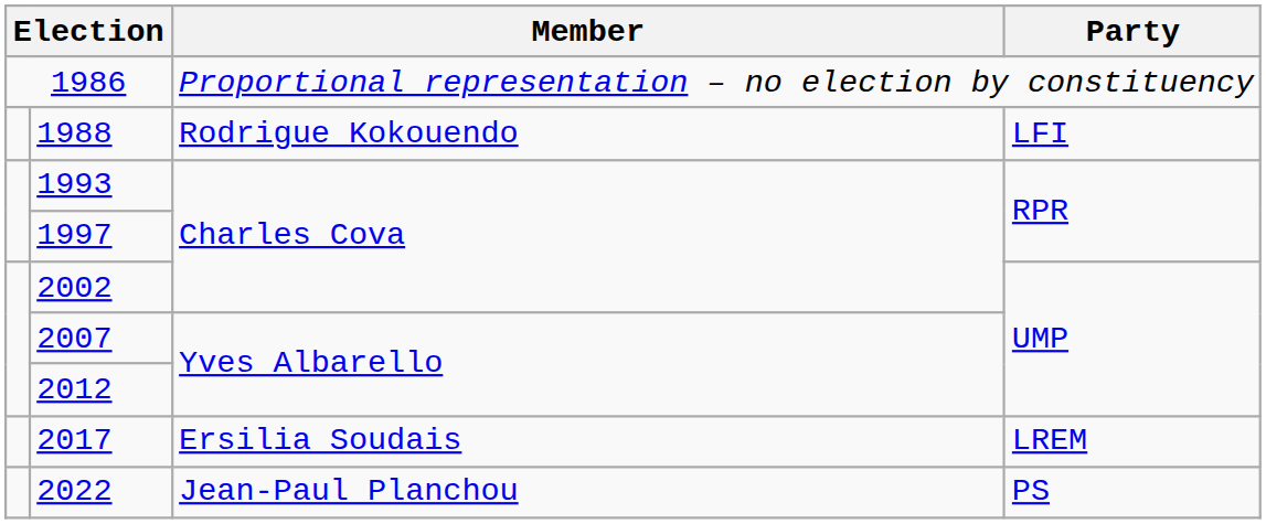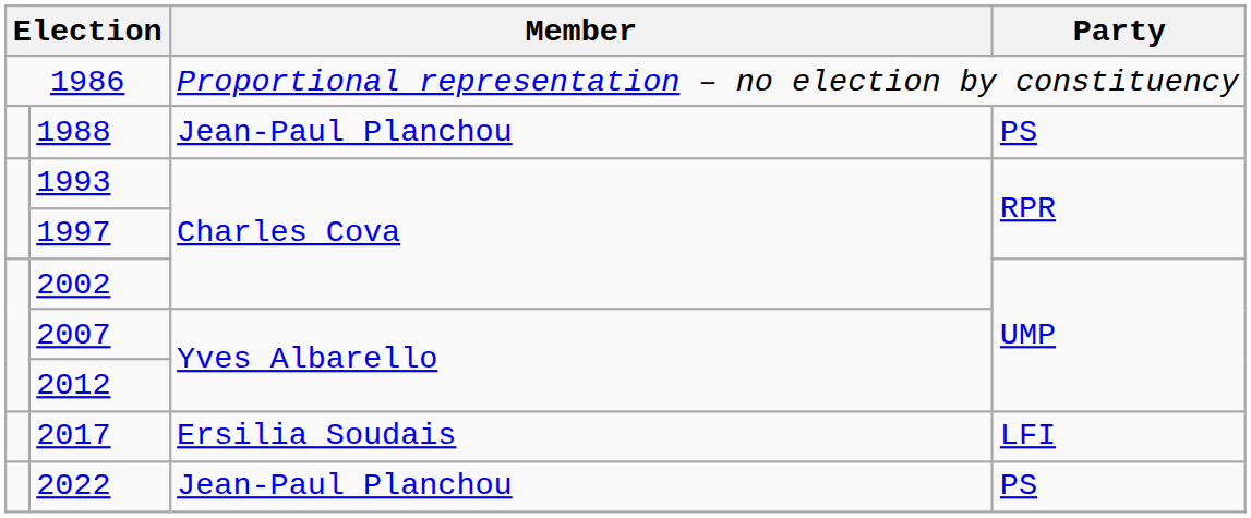 <table class="wikitable">
 <tr>
 <th colspan="2">Election</th>
 <th>Member</th>
 <th>Party</th>
 </tr>
 <tr>
 <td colspan="2" align="center"><a href='#'>1986</a></td>
 <td colspan="2"><em><a href='#'>Proportional representation</a> – no election by constituency</em></td>
 </tr>
 <tr>
 <td style="color:inherit;background-color: "></td>
 <td><a href='#'>1988</a></td>
-<td><a href='#'>Rodrigue Kokouendo</a></td>
-<td><a href='#'>LFI</a></td>
+<td><a href='#'>Jean-Paul Planchou</a></td>
+<td><a href='#'>PS</a></td>
 </tr>
 <tr>
 <td rowspan="2" style="color:inherit;background-color: "></td>
 <td><a href='#'>1993</a></td>
 <td rowspan="3"><a href='#'>Charles Cova</a></td>
 <td rowspan="2"><a href='#'>RPR</a></td>
 </tr>
 <tr>
 <td><a href='#'>1997</a></td>
 </tr>
 <tr>
 <td rowspan="3" style="color:inherit;background-color: "></td>
 <td><a href='#'>2002</a></td>
 <td rowspan="3"><a href='#'>UMP</a></td>
 </tr>
 <tr>
 <td><a href='#'>2007</a></td>
 <td rowspan="2"><a href='#'>Yves Albarello</a></td>
 </tr>
 <tr>
 <td><a href='#'>2012</a></td>
 </tr>
 <tr>
 <td style="color:inherit;background-color: "></td>
 <td><a href='#'>2017</a></td>
 <td><a href='#'>Ersilia Soudais</a></td>
-<td><a href='#'>LREM</a></td>
+<td><a href='#'>LFI</a></td>
 </tr>
 <tr>
 <td style="color:inherit;background-color: "></td>
 <td><a href='#'>2022</a></td>
 <td><a href='#'>Jean-Paul Planchou</a></td>
 <td><a href='#'>PS</a></td>
 </tr>
 </table>
